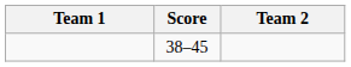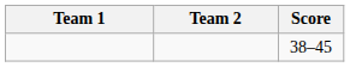 <table class="wikitable" style="text-align: center; font-size:90% ">
 <tr>
 <th align="right" width="120">Team 1</th>
+<th align="left" width="100">Team 2</th>
 <th width="50">Score</th>
-<th align="left" width="100">Team 2</th>
 </tr>
 <tr>
 <td align=right></td>
+<td align=left><strong></strong></td>
 <td align=center>38–45</td>
-<td align=left><strong></strong></td>
 </tr>
 </table>
